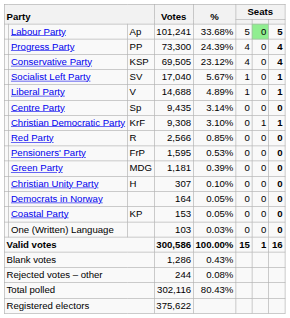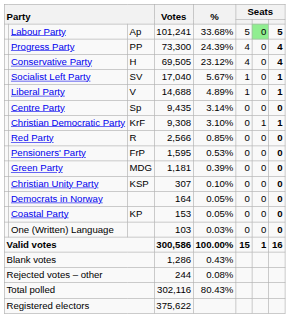 <table class="wikitable" border="1" style="text-align:right;">
 <tr>
 <th style="text-align:left;" valign=bottom rowspan=2 colspan=3>Party</th>
 <th align=center valign=bottom rowspan=2 width="50">Votes</th>
 <th align=center valign=bottom rowspan=2 width="50">%</th>
 <th colspan=3>Seats</th>
 </tr>
 <tr>
 <th align=center valign=bottom width="20"><small></small></th>
 <th align=center valign=bottom width="20"><small><a href='#'></a></small></th>
 <th align=center valign=bottom width="20"><small></small></th>
 </tr>
 <tr>
 <td style="color:inherit;background:"></td>
 <td align=left><a href='#'>Labour Party</a></td>
 <td align=left>Ap</td>
 <td>101,241</td>
 <td>33.68%</td>
 <td>5</td>
 <td style="background: lightgreen;">0</td>
 <td><strong>5</strong></td>
 </tr>
 <tr>
 <td style="color:inherit;background:"></td>
 <td align=left><a href='#'>Progress Party</a></td>
 <td align=left>PP</td>
 <td>73,300</td>
 <td>24.39%</td>
 <td>4</td>
 <td>0</td>
 <td><strong>4</strong></td>
 </tr>
 <tr>
 <td style="color:inherit;background:"></td>
 <td align=left><a href='#'>Conservative Party</a></td>
-<td align=left>KSP</td>
+<td align=left>H</td>
 <td>69,505</td>
 <td>23.12%</td>
 <td>4</td>
 <td>0</td>
 <td><strong>4</strong></td>
 </tr>
 <tr>
 <td style="color:inherit;background:"></td>
 <td align=left><a href='#'>Socialist Left Party</a></td>
 <td align=left>SV</td>
 <td>17,040</td>
 <td>5.67%</td>
 <td>1</td>
 <td>0</td>
 <td><strong>1</strong></td>
 </tr>
 <tr>
 <td style="color:inherit;background:"></td>
 <td align=left><a href='#'>Liberal Party</a></td>
 <td align=left>V</td>
 <td>14,688</td>
 <td>4.89%</td>
 <td>1</td>
 <td>0</td>
 <td><strong>1</strong></td>
 </tr>
 <tr>
 <td style="color:inherit;background:"></td>
 <td align=left><a href='#'>Centre Party</a></td>
 <td align=left>Sp</td>
 <td>9,435</td>
 <td>3.14%</td>
 <td>0</td>
 <td>0</td>
 <td><strong>0</strong></td>
 </tr>
 <tr>
 <td style="color:inherit;background:"></td>
 <td align=left><a href='#'>Christian Democratic Party</a></td>
 <td align=left>KrF</td>
 <td>9,308</td>
 <td>3.10%</td>
 <td>0</td>
 <td>1</td>
 <td><strong>1</strong></td>
 </tr>
 <tr>
 <td style="color:inherit;background:"></td>
 <td align=left><a href='#'>Red Party</a></td>
 <td align=left>R</td>
 <td>2,566</td>
 <td>0.85%</td>
 <td>0</td>
 <td>0</td>
 <td><strong>0</strong></td>
 </tr>
 <tr>
 <td style="color:inherit;background:"></td>
 <td align=left><a href='#'>Pensioners' Party</a></td>
 <td align=left>FrP</td>
 <td>1,595</td>
 <td>0.53%</td>
 <td>0</td>
 <td>0</td>
 <td><strong>0</strong></td>
 </tr>
 <tr>
 <td style="color:inherit;background:"></td>
 <td align=left><a href='#'>Green Party</a></td>
 <td align=left>MDG</td>
 <td>1,181</td>
 <td>0.39%</td>
 <td>0</td>
 <td>0</td>
 <td><strong>0</strong></td>
 </tr>
 <tr>
 <td style="color:inherit;background:"></td>
 <td align=left><a href='#'>Christian Unity Party</a></td>
-<td align=left>H</td>
+<td align=left>KSP</td>
 <td>307</td>
 <td>0.10%</td>
 <td>0</td>
 <td>0</td>
 <td><strong>0</strong></td>
 </tr>
 <tr>
 <td style="color:inherit;background:"></td>
 <td align=left><a href='#'>Democrats in Norway</a></td>
 <td align=left></td>
 <td>164</td>
 <td>0.05%</td>
 <td>0</td>
 <td>0</td>
 <td><strong>0</strong></td>
 </tr>
 <tr>
 <td style="color:inherit;background:"></td>
 <td align=left><a href='#'>Coastal Party</a></td>
 <td align=left>KP</td>
 <td>153</td>
 <td>0.05%</td>
 <td>0</td>
 <td>0</td>
 <td><strong>0</strong></td>
 </tr>
 <tr>
 <td></td>
 <td align=left>One (Written) Language</td>
 <td align=left></td>
 <td>103</td>
 <td>0.03%</td>
 <td>0</td>
 <td>0</td>
 <td><strong>0</strong></td>
 </tr>
 <tr style="font-weight:bold">
 <td align=left colspan=3>Valid votes</td>
 <td>300,586</td>
 <td>100.00%</td>
 <td>15</td>
 <td>1</td>
 <td>16</td>
 </tr>
 <tr>
 <td align=left colspan=3>Blank votes</td>
 <td>1,286</td>
 <td>0.43%</td>
 <td></td>
 <td></td>
 <td></td>
 </tr>
 <tr>
 <td align=left colspan=3>Rejected votes – other</td>
 <td>244</td>
 <td>0.08%</td>
 <td></td>
 <td></td>
 <td></td>
 </tr>
 <tr>
 <td align=left colspan=3>Total polled</td>
 <td>302,116</td>
 <td>80.43%</td>
 <td></td>
 <td></td>
 <td></td>
 </tr>
 <tr>
 <td align=left colspan=3>Registered electors</td>
 <td>375,622</td>
 <td></td>
 <td></td>
 <td></td>
 <td></td>
 </tr>
 </table>
